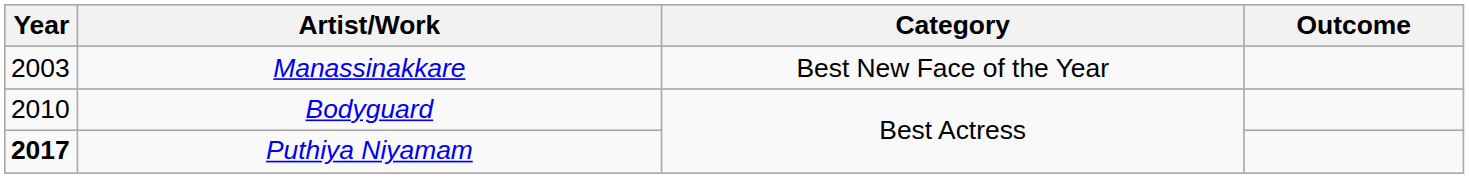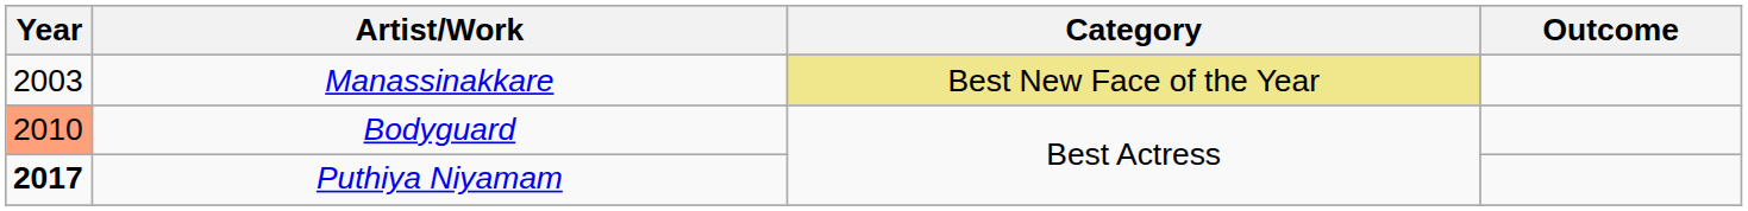 <table id=AsianetFilm class="wikitable static-row-numbers" style="width:70%;">
 <tr>
 <th width=5%>Year</th>
 <th style="width:40%;">Artist/Work</th>
 <th style="width:40%;">Category</th>
 <th style="width:15%;">Outcome</th>
 </tr>
 <tr>
 <td style="text-align:left;">2003</td>
 <td style="text-align:center;"><em><a href='#'>Manassinakkare</a></em></td>
-<td style="text-align:center;">Best New Face of the Year</td>
+<td style="background: khaki; text-align:center;">Best New Face of the Year</td>
 <td></td>
 </tr>
 <tr>
-<td style="text-align:left;">2010</td>
+<td style="background: lightsalmon; text-align:left;">2010</td>
 <td style="text-align:center;"><em><a href='#'>Bodyguard</a></em></td>
 <td rowspan="2" style="text-align:center;">Best Actress</td>
 <td></td>
 </tr>
 <tr>
 <td style="text-align:left;"><strong>2017</strong></td>
 <td style="text-align:center;"><em><a href='#'>Puthiya Niyamam</a></em></td>
 <td></td>
 </tr>
 </table>
